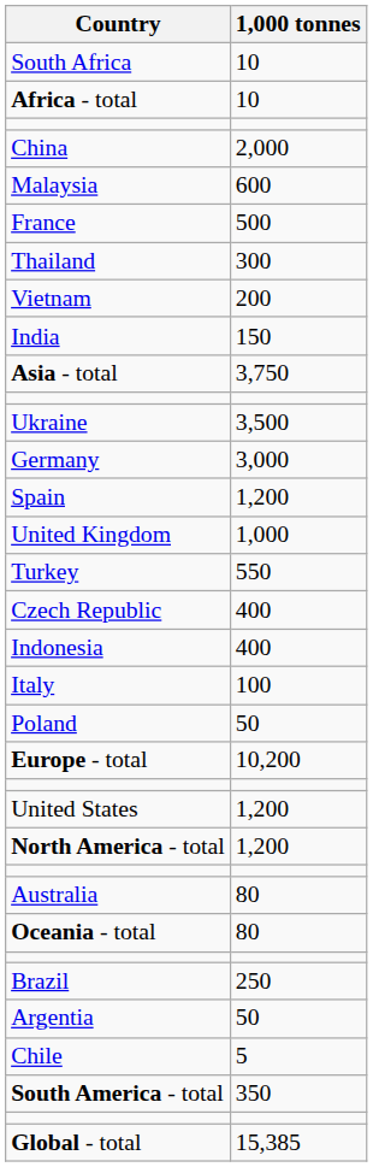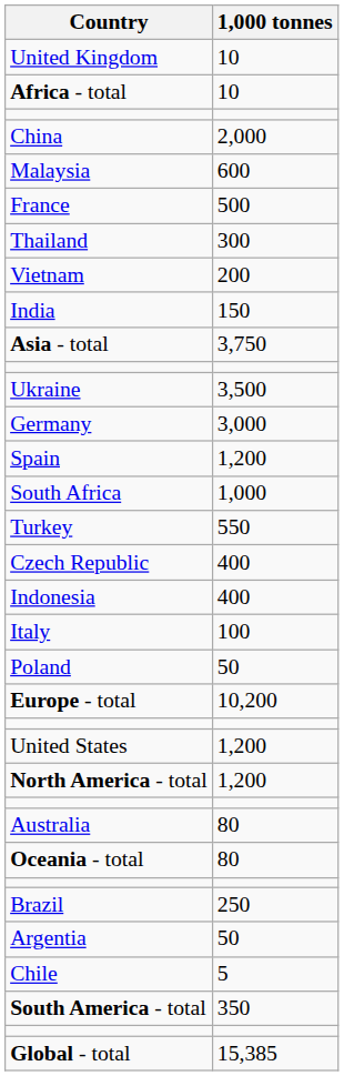 <table class="wikitable collapsible">
 <tr>
 <th>Country</th>
 <th>1,000 tonnes</th>
 </tr>
 <tr>
-<td><a href='#'>South Africa</a></td>
+<td><a href='#'>United Kingdom</a></td>
 <td>10</td>
 </tr>
 <tr>
 <td><strong>Africa</strong> - total</td>
 <td>10</td>
 </tr>
 <tr>
 <td></td>
 <td></td>
 </tr>
 <tr>
 <td><a href='#'>China</a></td>
 <td>2,000</td>
 </tr>
 <tr>
 <td><a href='#'>Malaysia</a></td>
 <td>600</td>
 </tr>
 <tr>
 <td><a href='#'>France</a></td>
 <td>500</td>
 </tr>
 <tr>
 <td><a href='#'>Thailand</a></td>
 <td>300</td>
 </tr>
 <tr>
 <td><a href='#'>Vietnam</a></td>
 <td>200</td>
 </tr>
 <tr>
 <td><a href='#'>India</a></td>
 <td>150</td>
 </tr>
 <tr>
 <td><strong>Asia</strong> - total</td>
 <td>3,750</td>
 </tr>
 <tr>
 <td></td>
 <td></td>
 </tr>
 <tr>
 <td><a href='#'>Ukraine</a></td>
 <td>3,500</td>
 </tr>
 <tr>
 <td><a href='#'>Germany</a></td>
 <td>3,000</td>
 </tr>
 <tr>
 <td><a href='#'>Spain</a></td>
 <td>1,200</td>
 </tr>
 <tr>
-<td><a href='#'>United Kingdom</a></td>
+<td><a href='#'>South Africa</a></td>
 <td>1,000</td>
 </tr>
 <tr>
 <td><a href='#'>Turkey</a></td>
 <td>550</td>
 </tr>
 <tr>
 <td><a href='#'>Czech Republic</a></td>
 <td>400</td>
 </tr>
 <tr>
 <td><a href='#'>Indonesia</a></td>
 <td>400</td>
 </tr>
 <tr>
 <td><a href='#'>Italy</a></td>
 <td>100</td>
 </tr>
 <tr>
 <td><a href='#'>Poland</a></td>
 <td>50</td>
 </tr>
 <tr>
 <td><strong>Europe</strong> - total</td>
 <td>10,200</td>
 </tr>
 <tr>
 <td></td>
 <td></td>
 </tr>
 <tr>
 <td>United States</td>
 <td>1,200</td>
 </tr>
 <tr>
 <td><strong>North America</strong> - total</td>
 <td>1,200</td>
 </tr>
 <tr>
 <td></td>
 <td></td>
 </tr>
 <tr>
 <td><a href='#'>Australia</a></td>
 <td>80</td>
 </tr>
 <tr>
 <td><strong>Oceania</strong> - total</td>
 <td>80</td>
 </tr>
 <tr>
 <td></td>
 <td></td>
 </tr>
 <tr>
 <td><a href='#'>Brazil</a></td>
 <td>250</td>
 </tr>
 <tr>
 <td><a href='#'>Argentia</a></td>
 <td>50</td>
 </tr>
 <tr>
 <td><a href='#'>Chile</a></td>
 <td>5</td>
 </tr>
 <tr>
 <td><strong>South America</strong> - total</td>
 <td>350</td>
 </tr>
 <tr>
 <td></td>
 <td></td>
 </tr>
 <tr>
 <td><strong>Global</strong> - total</td>
 <td>15,385</td>
 </tr>
 </table>
